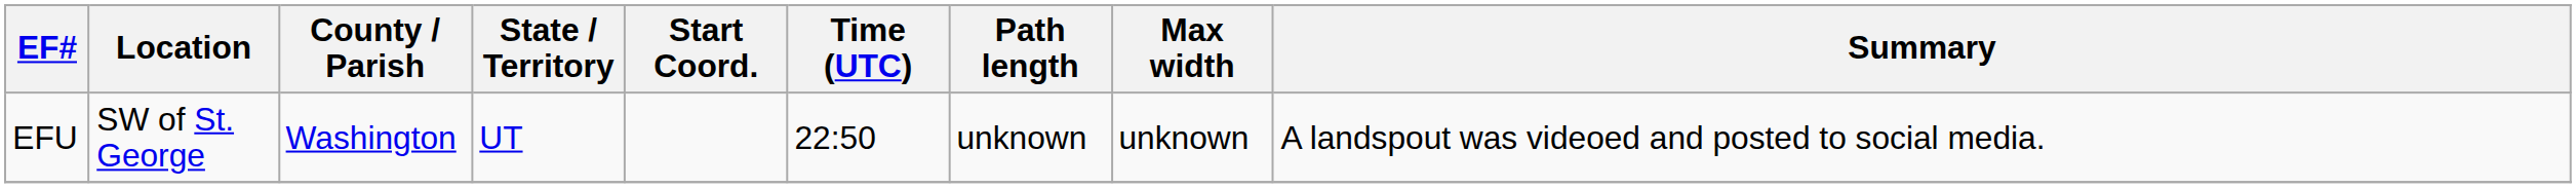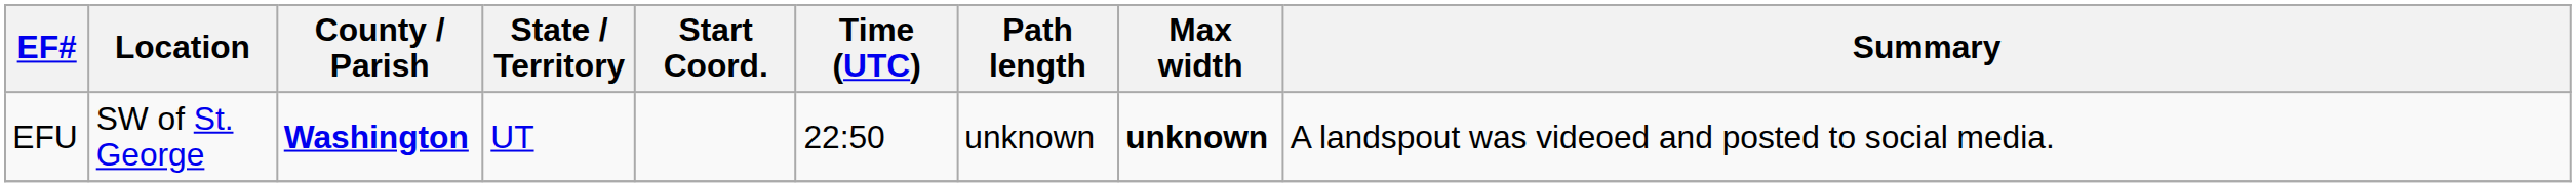 <table class="wikitable sortable" style="width:100%;">
 <tr>
 <th scope="col"  style="width:3%; text-align:center;"><a href='#'>EF#</a></th>
 <th scope="col"  style="width:7%; text-align:center;" class="unsortable">Location</th>
 <th scope="col"  style="width:6%; text-align:center;" class="unsortable">County / Parish</th>
 <th scope="col"  style="width:5%; text-align:center;">State / Territory</th>
 <th scope="col"  style="width:6%; text-align:center;">Start Coord.</th>
 <th scope="col"  style="width:6%; text-align:center;">Time (<a href='#'>UTC</a>)</th>
 <th scope="col"  style="width:6%; text-align:center;">Path length</th>
 <th scope="col"  style="width:6%; text-align:center;">Max width</th>
 <th scope="col" class="unsortable" style="width:48%; text-align:center;">Summary</th>
 </tr>
 <tr>
 <td>EFU</td>
 <td>SW of <a href='#'>St. George</a></td>
-<td><a href='#'>Washington</a></td>
+<td><strong><a href='#'>Washington</a></strong></td>
 <td><a href='#'>UT</a></td>
 <td></td>
 <td>22:50</td>
 <td>unknown</td>
-<td>unknown</td>
+<td><strong>unknown</strong></td>
 <td>A landspout was videoed and posted to social media.</td>
 </tr>
 <tr>
 </tr>
 </table>
